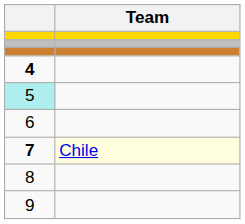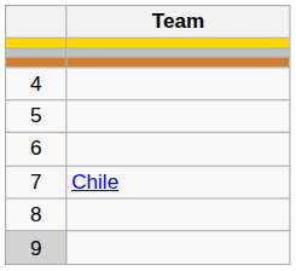 <table class="wikitable" style="text-align:center;">
 <tr>
 <th width=40></th>
 <th width=165>Team</th>
 </tr>
 <tr style="background:gold;">
 <td></td>
 <td style="text-align:left;"></td>
 </tr>
 <tr style="background:silver;">
 <td></td>
 <td style="text-align:left;"></td>
 </tr>
 <tr style="background:#cd7f32;">
 <td></td>
 <td style="text-align:left;"></td>
 </tr>
 <tr>
-<td><strong>4</strong></td>
+<td>4</td>
 <td style="text-align:left;"></td>
 </tr>
 <tr>
-<td style="background: paleturquoise;">5</td>
+<td>5</td>
 <td style="text-align:left;"></td>
 </tr>
 <tr>
 <td>6</td>
 <td style="text-align:left;"></td>
 </tr>
 <tr>
-<td><strong>7</strong></td>
-<td style="background: lightyellow; text-align:left;"> <a href='#'>Chile</a></td>
+<td>7</td>
+<td style="text-align:left;"> <a href='#'>Chile</a></td>
 </tr>
 <tr>
 <td>8</td>
 <td style="text-align:left;"></td>
 </tr>
 <tr>
-<td>9</td>
+<td style="background: lightgrey;">9</td>
 <td style="text-align:left;"></td>
 </tr>
 </table>
